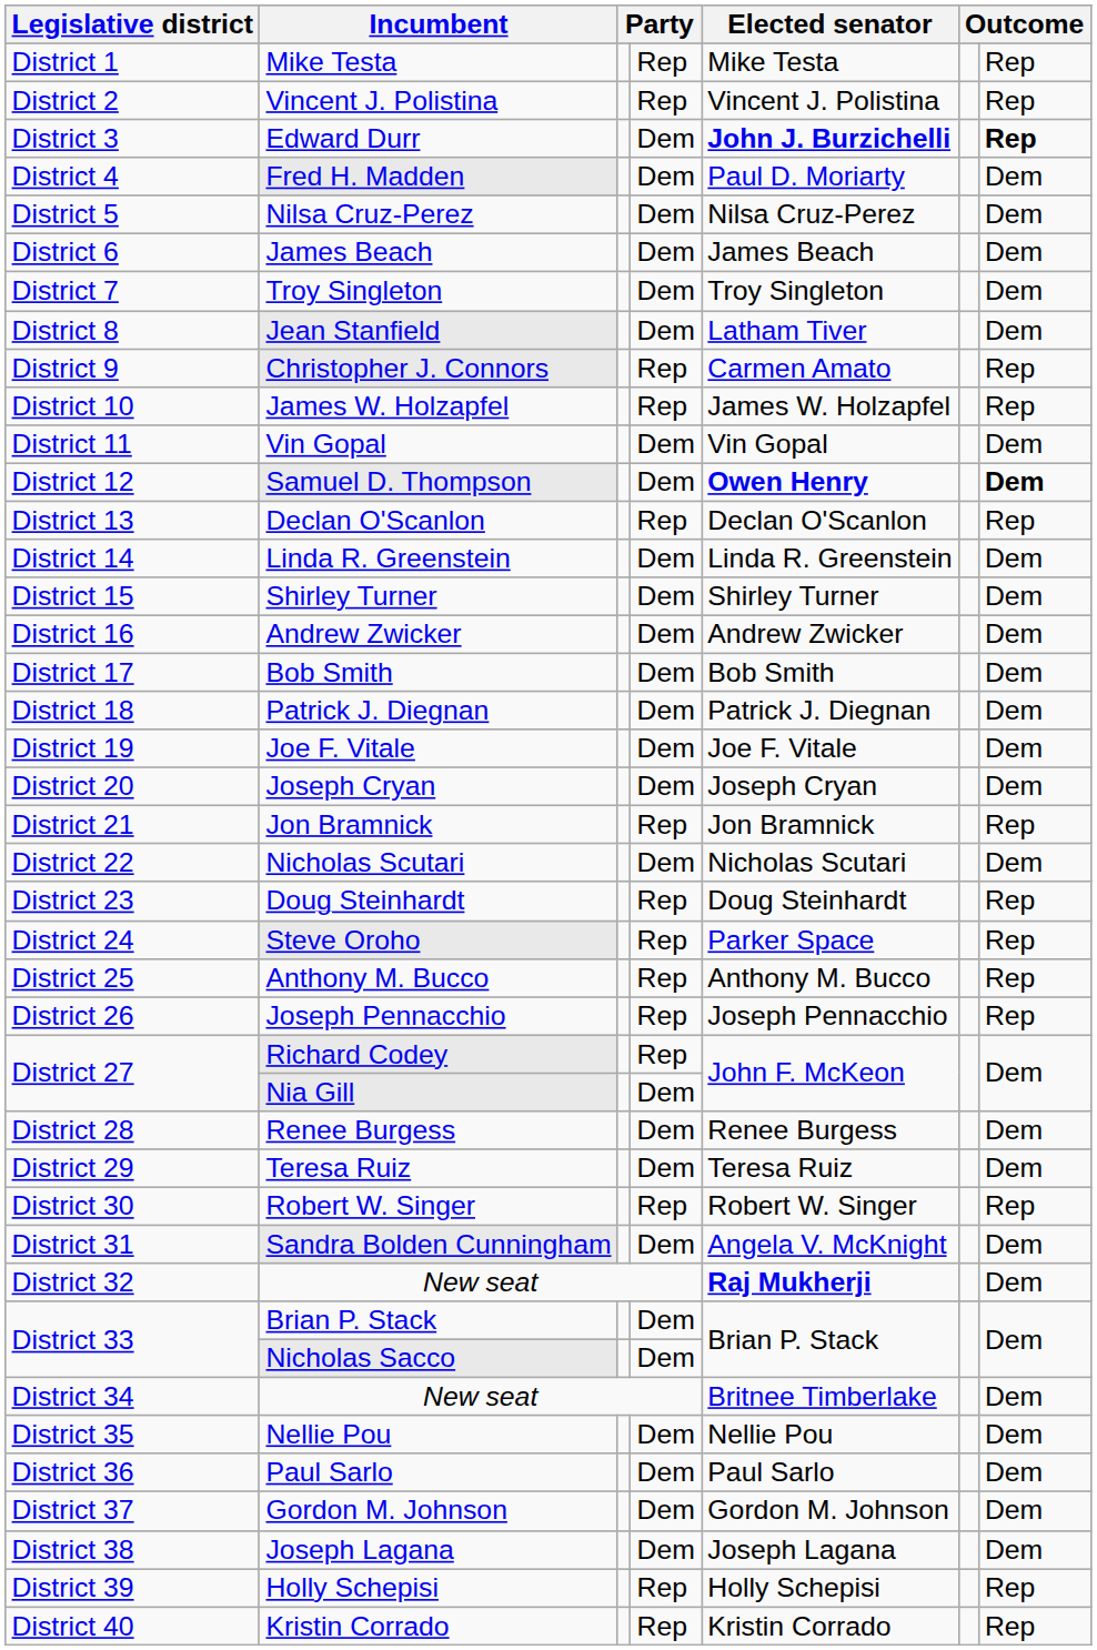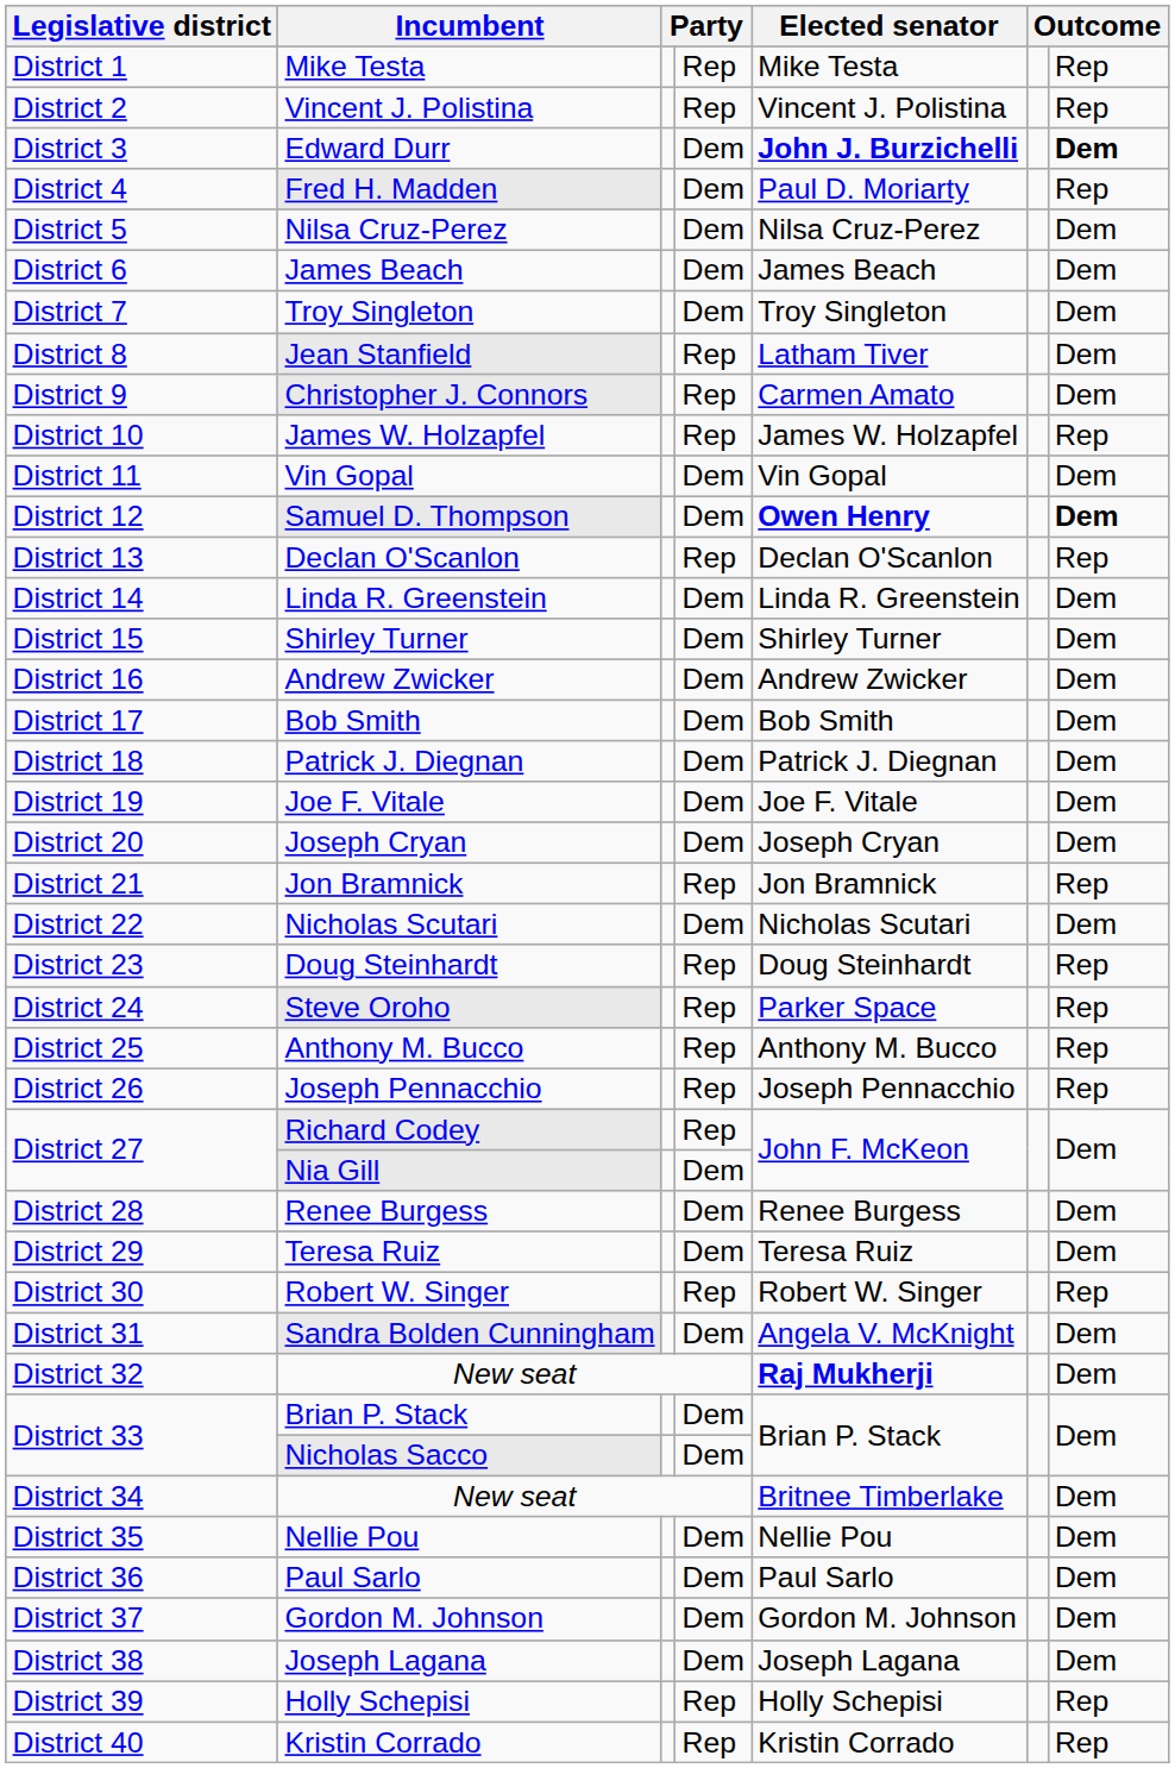 <table class="sortable wikitable" style="font-size:95%;line-height:14px;">
 <tr>
 <th colspan="1"><a href='#'>Legislative</a> district</th>
 <th class="unsortable"><a href='#'>Incumbent</a></th>
 <th colspan="2">Party</th>
 <th class="unsortable">Elected senator</th>
 <th colspan="2">Outcome</th>
 </tr>
 <tr>
 <td><a href='#'>District 1</a></td>
 <td><a href='#'>Mike Testa</a></td>
 <td style="background:"></td>
 <td>Rep</td>
 <td>Mike Testa</td>
 <td style="background:"></td>
 <td>Rep</td>
 </tr>
 <tr>
 <td><a href='#'>District 2</a></td>
 <td><a href='#'>Vincent J. Polistina</a></td>
 <td style="background:"></td>
 <td>Rep</td>
 <td>Vincent J. Polistina</td>
 <td style="background:"></td>
 <td>Rep</td>
 </tr>
 <tr>
 <td><a href='#'>District 3</a></td>
 <td><a href='#'>Edward Durr</a></td>
 <td style="background:"></td>
 <td>Dem</td>
 <td><strong><a href='#'>John J. Burzichelli</a></strong></td>
 <td style="background:"></td>
-<td><strong>Rep</strong></td>
+<td><strong>Dem</strong></td>
 </tr>
 <tr>
 <td><a href='#'>District 4</a></td>
 <td style="background:#E9E9E9;"><a href='#'>Fred H. Madden</a></td>
 <td style="background:"></td>
 <td>Dem</td>
 <td><a href='#'>Paul D. Moriarty</a></td>
 <td style="background:"></td>
-<td>Dem</td>
+<td>Rep</td>
 </tr>
 <tr>
 <td><a href='#'>District 5</a></td>
 <td><a href='#'>Nilsa Cruz-Perez</a></td>
 <td style="background:"></td>
 <td>Dem</td>
 <td>Nilsa Cruz-Perez</td>
 <td style="background:"></td>
 <td>Dem</td>
 </tr>
 <tr>
 <td><a href='#'>District 6</a></td>
 <td><a href='#'>James Beach</a></td>
 <td style="background:"></td>
 <td>Dem</td>
 <td>James Beach</td>
 <td style="background:"></td>
 <td>Dem</td>
 </tr>
 <tr>
 <td><a href='#'>District 7</a></td>
 <td><a href='#'>Troy Singleton</a></td>
 <td style="background:"></td>
 <td>Dem</td>
 <td>Troy Singleton</td>
 <td style="background:"></td>
 <td>Dem</td>
 </tr>
 <tr>
 <td><a href='#'>District 8</a></td>
 <td style="background:#E9E9E9;"><a href='#'>Jean Stanfield</a></td>
 <td style="background:"></td>
-<td>Dem</td>
+<td>Rep</td>
 <td><a href='#'>Latham Tiver</a></td>
 <td style="background:"></td>
 <td>Dem</td>
 </tr>
 <tr>
 <td><a href='#'>District 9</a></td>
 <td style="background:#E9E9E9;"><a href='#'>Christopher J. Connors</a></td>
 <td style="background:"></td>
 <td>Rep</td>
 <td><a href='#'>Carmen Amato</a></td>
 <td style="background:"></td>
-<td>Rep</td>
+<td>Dem</td>
 </tr>
 <tr>
 <td><a href='#'>District 10</a></td>
 <td><a href='#'>James W. Holzapfel</a></td>
 <td style="background:"></td>
 <td>Rep</td>
 <td>James W. Holzapfel</td>
 <td style="background:"></td>
 <td>Rep</td>
 </tr>
 <tr>
 <td><a href='#'>District 11</a></td>
 <td><a href='#'>Vin Gopal</a></td>
 <td style="background:"></td>
 <td>Dem</td>
 <td>Vin Gopal</td>
 <td style="background:"></td>
 <td>Dem</td>
 </tr>
 <tr>
 <td><a href='#'>District 12</a></td>
 <td style="background:#E9E9E9;"><a href='#'>Samuel D. Thompson</a></td>
 <td style="background:"></td>
 <td>Dem</td>
 <td><strong><a href='#'>Owen Henry</a></strong></td>
 <td style="background:"></td>
 <td><strong>Dem</strong></td>
 </tr>
 <tr>
 <td><a href='#'>District 13</a></td>
 <td><a href='#'>Declan O'Scanlon</a></td>
 <td style="background:"></td>
 <td>Rep</td>
 <td>Declan O'Scanlon</td>
 <td style="background:"></td>
 <td>Rep</td>
 </tr>
 <tr>
 <td><a href='#'>District 14</a></td>
 <td><a href='#'>Linda R. Greenstein</a></td>
 <td style="background:"></td>
 <td>Dem</td>
 <td>Linda R. Greenstein</td>
 <td style="background:"></td>
 <td>Dem</td>
 </tr>
 <tr>
 <td><a href='#'>District 15</a></td>
 <td><a href='#'>Shirley Turner</a></td>
 <td style="background:"></td>
 <td>Dem</td>
 <td>Shirley Turner</td>
 <td style="background:"></td>
 <td>Dem</td>
 </tr>
 <tr>
 <td><a href='#'>District 16</a></td>
 <td><a href='#'>Andrew Zwicker</a></td>
 <td style="background:"></td>
 <td>Dem</td>
 <td>Andrew Zwicker</td>
 <td style="background:"></td>
 <td>Dem</td>
 </tr>
 <tr>
 <td><a href='#'>District 17</a></td>
 <td><a href='#'>Bob Smith</a></td>
 <td style="background:"></td>
 <td>Dem</td>
 <td>Bob Smith</td>
 <td style="background:"></td>
 <td>Dem</td>
 </tr>
 <tr>
 <td><a href='#'>District 18</a></td>
 <td><a href='#'>Patrick J. Diegnan</a></td>
 <td style="background:"></td>
 <td>Dem</td>
 <td>Patrick J. Diegnan</td>
 <td style="background:"></td>
 <td>Dem</td>
 </tr>
 <tr>
 <td><a href='#'>District 19</a></td>
 <td><a href='#'>Joe F. Vitale</a></td>
 <td style="background:"></td>
 <td>Dem</td>
 <td>Joe F. Vitale</td>
 <td style="background:"></td>
 <td>Dem</td>
 </tr>
 <tr>
 <td><a href='#'>District 20</a></td>
 <td><a href='#'>Joseph Cryan</a></td>
 <td style="background:"></td>
 <td>Dem</td>
 <td>Joseph Cryan</td>
 <td style="background:"></td>
 <td>Dem</td>
 </tr>
 <tr>
 <td><a href='#'>District 21</a></td>
 <td><a href='#'>Jon Bramnick</a></td>
 <td style="background:"></td>
 <td>Rep</td>
 <td>Jon Bramnick</td>
 <td style="background:"></td>
 <td>Rep</td>
 </tr>
 <tr>
 <td><a href='#'>District 22</a></td>
 <td><a href='#'>Nicholas Scutari</a></td>
 <td style="background:"></td>
 <td>Dem</td>
 <td>Nicholas Scutari</td>
 <td style="background:"></td>
 <td>Dem</td>
 </tr>
 <tr>
 <td><a href='#'>District 23</a></td>
 <td><a href='#'>Doug Steinhardt</a></td>
 <td style="background:"></td>
 <td>Rep</td>
 <td>Doug Steinhardt</td>
 <td style="background:"></td>
 <td>Rep</td>
 </tr>
 <tr>
 <td><a href='#'>District 24</a></td>
 <td style="background:#E9E9E9;"><a href='#'>Steve Oroho</a></td>
 <td style="background:"></td>
 <td>Rep</td>
 <td><a href='#'>Parker Space</a></td>
 <td style="background:"></td>
 <td>Rep</td>
 </tr>
 <tr>
 <td><a href='#'>District 25</a></td>
 <td><a href='#'>Anthony M. Bucco</a></td>
 <td style="background:"></td>
 <td>Rep</td>
 <td>Anthony M. Bucco</td>
 <td style="background:"></td>
 <td>Rep</td>
 </tr>
 <tr>
 <td><a href='#'>District 26</a></td>
 <td><a href='#'>Joseph Pennacchio</a></td>
 <td style="background:"></td>
 <td>Rep</td>
 <td>Joseph Pennacchio</td>
 <td style="background:"></td>
 <td>Rep</td>
 </tr>
 <tr>
 <td rowspan=2><a href='#'>District 27</a></td>
 <td style="background:#E9E9E9;"><a href='#'>Richard Codey</a></td>
 <td style="background:"></td>
 <td>Rep</td>
 <td rowspan=2><a href='#'>John F. McKeon</a></td>
 <td rowspan=2 style="background:"></td>
 <td rowspan=2>Dem</td>
 </tr>
 <tr>
 <td style="background:#E9E9E9;"><a href='#'>Nia Gill</a></td>
 <td style="background:"></td>
 <td>Dem</td>
 </tr>
 <tr>
 <td><a href='#'>District 28</a></td>
 <td><a href='#'>Renee Burgess</a></td>
 <td style="background:"></td>
 <td>Dem</td>
 <td>Renee Burgess</td>
 <td style="background:"></td>
 <td>Dem</td>
 </tr>
 <tr>
 <td><a href='#'>District 29</a></td>
 <td><a href='#'>Teresa Ruiz</a></td>
 <td style="background:"></td>
 <td>Dem</td>
 <td>Teresa Ruiz</td>
 <td style="background:"></td>
 <td>Dem</td>
 </tr>
 <tr>
 <td><a href='#'>District 30</a></td>
 <td><a href='#'>Robert W. Singer</a></td>
 <td style="background:"></td>
 <td>Rep</td>
 <td>Robert W. Singer</td>
 <td style="background:"></td>
 <td>Rep</td>
 </tr>
 <tr>
 <td><a href='#'>District 31</a></td>
 <td style="background:#E9E9E9;"><a href='#'>Sandra Bolden Cunningham</a></td>
 <td style="background:"></td>
 <td>Dem</td>
 <td><a href='#'>Angela V. McKnight</a></td>
 <td style="background:"></td>
 <td>Dem</td>
 </tr>
 <tr>
 <td><a href='#'>District 32</a></td>
 <td colspan=3 align=center><em>New seat</em></td>
 <td><strong><a href='#'>Raj Mukherji</a></strong></td>
 <td style="background:"></td>
 <td>Dem</td>
 </tr>
 <tr>
 <td rowspan=2><a href='#'>District 33</a></td>
 <td><a href='#'>Brian P. Stack</a></td>
 <td style="background:"></td>
 <td>Dem</td>
 <td rowspan=2>Brian P. Stack</td>
 <td rowspan=2 style="background:"></td>
 <td rowspan=2>Dem</td>
 </tr>
 <tr>
 <td style="background:#E9E9E9;"><a href='#'>Nicholas Sacco</a></td>
 <td style="background:"></td>
 <td>Dem</td>
 </tr>
 <tr>
 <td><a href='#'>District 34</a></td>
 <td colspan=3 align=center><em>New seat</em></td>
 <td><a href='#'>Britnee Timberlake</a></td>
 <td style="background:"></td>
 <td>Dem</td>
 </tr>
 <tr>
 <td><a href='#'>District 35</a></td>
 <td><a href='#'>Nellie Pou</a></td>
 <td style="background:"></td>
 <td>Dem</td>
 <td>Nellie Pou</td>
 <td style="background:"></td>
 <td>Dem</td>
 </tr>
 <tr>
 <td><a href='#'>District 36</a></td>
 <td><a href='#'>Paul Sarlo</a></td>
 <td style="background:"></td>
 <td>Dem</td>
 <td>Paul Sarlo</td>
 <td style="background:"></td>
 <td>Dem</td>
 </tr>
 <tr>
 <td><a href='#'>District 37</a></td>
 <td><a href='#'>Gordon M. Johnson</a></td>
 <td style="background:"></td>
 <td>Dem</td>
 <td>Gordon M. Johnson</td>
 <td style="background:"></td>
 <td>Dem</td>
 </tr>
 <tr>
 <td><a href='#'>District 38</a></td>
 <td><a href='#'>Joseph Lagana</a></td>
 <td style="background:"></td>
 <td>Dem</td>
 <td>Joseph Lagana</td>
 <td style="background:"></td>
 <td>Dem</td>
 </tr>
 <tr>
 <td><a href='#'>District 39</a></td>
 <td><a href='#'>Holly Schepisi</a></td>
 <td style="background:"></td>
 <td>Rep</td>
 <td>Holly Schepisi</td>
 <td style="background:"></td>
 <td>Rep</td>
 </tr>
 <tr>
 <td><a href='#'>District 40</a></td>
 <td><a href='#'>Kristin Corrado</a></td>
 <td style="background:"></td>
 <td>Rep</td>
 <td>Kristin Corrado</td>
 <td style="background:"></td>
 <td>Rep</td>
 </tr>
 <tr>
 </tr>
 </table>
